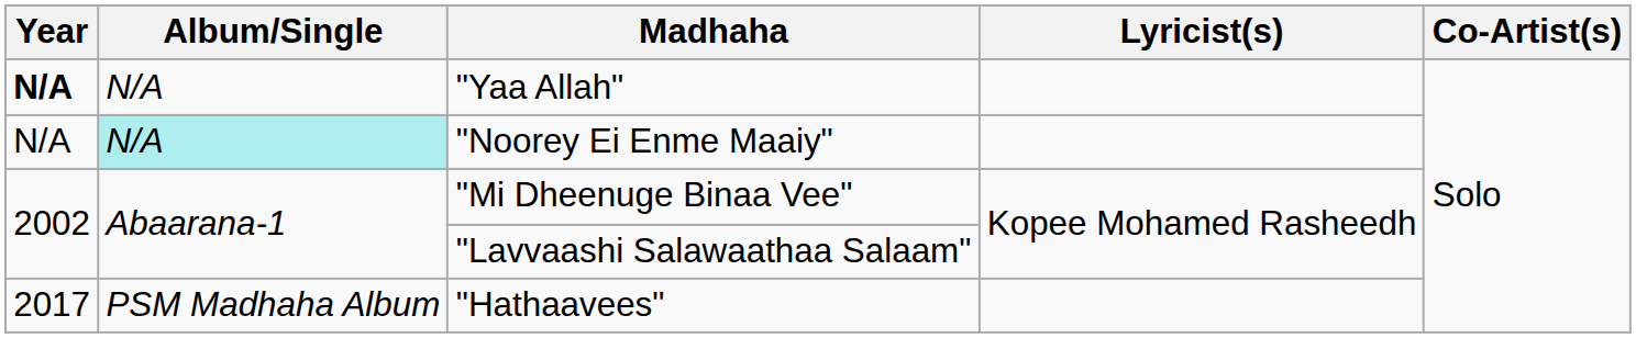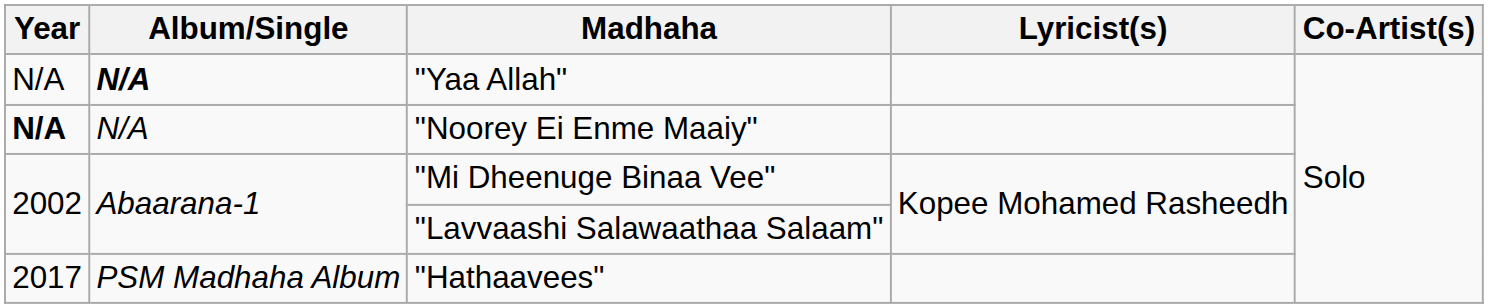 <table class="wikitable">
 <tr>
 <th>Year</th>
 <th>Album/Single</th>
 <th>Madhaha</th>
 <th>Lyricist(s)</th>
 <th>Co-Artist(s)</th>
 </tr>
 <tr>
-<td><strong>N/A</strong></td>
-<td><em>N/A</em></td>
+<td>N/A</td>
+<td><strong><em>N/A</em></strong></td>
 <td>"Yaa Allah"</td>
 <td></td>
 <td rowspan="5">Solo</td>
 </tr>
 <tr>
-<td>N/A</td>
-<td style="background: paleturquoise;"><em>N/A</em></td>
+<td><strong>N/A</strong></td>
+<td><em>N/A</em></td>
 <td>"Noorey Ei Enme Maaiy"</td>
 <td></td>
 </tr>
 <tr>
 <td rowspan="2">2002</td>
 <td rowspan="2"><em>Abaarana-1</em></td>
 <td>"Mi Dheenuge Binaa Vee"</td>
 <td rowspan="2">Kopee Mohamed Rasheedh</td>
 </tr>
 <tr>
 <td>"Lavvaashi Salawaathaa Salaam"</td>
 </tr>
 <tr>
 <td>2017</td>
 <td><em>PSM Madhaha Album</em></td>
 <td>"Hathaavees"</td>
 <td></td>
 </tr>
 </table>
